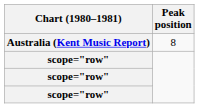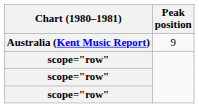 <table class="wikitable sortable plainrowheaders" style="text-align:center">
 <tr>
 <th scope="col">Chart (1980–1981)</th>
 <th scope="col">Peak<br>position</th>
 </tr>
 <tr>
 <th scope="row">Australia (<a href='#'>Kent Music Report</a>)</th>
-<td>8</td>
+<td>9</td>
 </tr>
 <tr>
 <th>scope="row" </th>
 </tr>
 <tr>
 <th>scope="row" </th>
 </tr>
 <tr>
 <th>scope="row" </th>
 </tr>
 </table>
